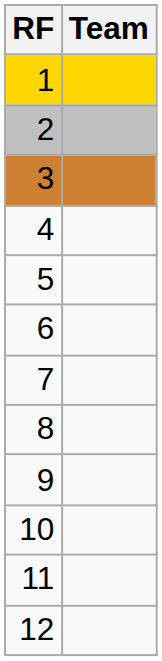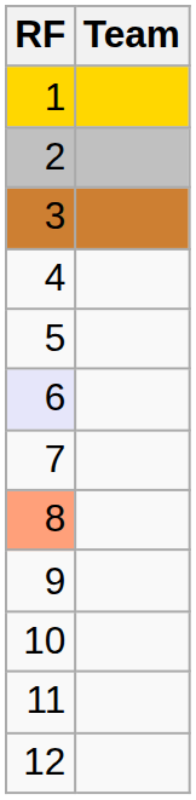 <table class="wikitable">
 <tr>
 <th>RF</th>
 <th>Team</th>
 </tr>
 <tr bgcolor="#FFD700" align="right">
 <td>1</td>
 <td align="left"></td>
 </tr>
 <tr bgcolor="#C0C0C0" align="right">
 <td>2</td>
 <td align="left"></td>
 </tr>
 <tr bgcolor="#CD7F32" align="right">
 <td>3</td>
 <td align="left"></td>
 </tr>
 <tr align="right">
 <td>4</td>
 <td align="left"></td>
 </tr>
 <tr align="right">
 <td>5</td>
 <td align="left"></td>
 </tr>
 <tr align="right">
-<td>6</td>
+<td style="background: lavender;">6</td>
 <td align="left"></td>
 </tr>
 <tr align="right">
 <td>7</td>
 <td align="left"></td>
 </tr>
 <tr align="right">
-<td>8</td>
+<td style="background: lightsalmon;">8</td>
 <td align="left"></td>
 </tr>
 <tr align="right">
 <td>9</td>
 <td align="left"></td>
 </tr>
 <tr align="right">
 <td>10</td>
 <td align="left"></td>
 </tr>
 <tr align="right">
 <td>11</td>
 <td align="left"></td>
 </tr>
 <tr align="right">
 <td>12</td>
 <td align="left"></td>
 </tr>
 </table>
